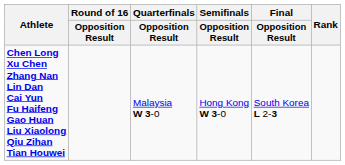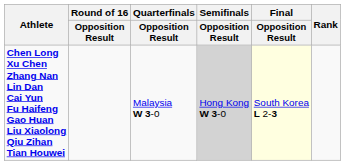 <table class="wikitable" style="font-size:90%">
 <tr>
 <th rowspan="2">Athlete</th>
 <th>Round of 16</th>
 <th>Quarterfinals</th>
 <th>Semifinals</th>
 <th>Final</th>
 <th rowspan=2>Rank</th>
 </tr>
 <tr style="font-size:95%">
 <th>Opposition<br>Result</th>
 <th>Opposition<br>Result</th>
 <th>Opposition<br>Result</th>
 <th>Opposition<br>Result</th>
 </tr>
 <tr>
 <td><strong><a href='#'>Chen Long</a><br><a href='#'>Xu Chen</a><br><a href='#'>Zhang Nan</a><br><a href='#'>Lin Dan</a><br><a href='#'>Cai Yun</a><br><a href='#'>Fu Haifeng</a><br><a href='#'>Gao Huan</a><br><a href='#'>Liu Xiaolong</a><br><a href='#'>Qiu Zihan</a><br><a href='#'>Tian Houwei</a></strong></td>
 <td></td>
 <td><br><a href='#'>Malaysia</a><br><strong>W</strong> <strong>3</strong>-0</td>
-<td><br><a href='#'>Hong Kong</a><br><strong>W</strong> <strong>3</strong>-0</td>
-<td><br><a href='#'>South Korea</a><br><strong>L</strong> 2-<strong>3</strong></td>
+<td style="background: lightgrey;"><br><a href='#'>Hong Kong</a><br><strong>W</strong> <strong>3</strong>-0</td>
+<td style="background: lightyellow;"><br><a href='#'>South Korea</a><br><strong>L</strong> 2-<strong>3</strong></td>
 <td align=center></td>
 </tr>
 </table>
